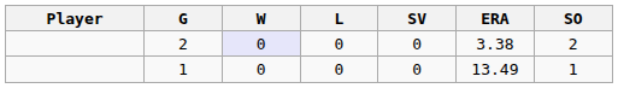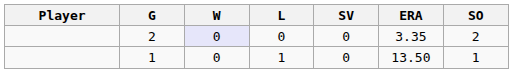 <table class="wikitable sortable">
 <tr>
 <th bgcolor="#DDDDFF" width="16%">Player</th>
 <th bgcolor="#DDDDFF" width="9%">G</th>
 <th bgcolor="#DDDDFF" width="9%">W</th>
 <th bgcolor="#DDDDFF" width="9%">L</th>
 <th bgcolor="#DDDDFF" width="9%">SV</th>
 <th bgcolor="#DDDDFF" width="9%">ERA</th>
 <th bgcolor="#DDDDFF" width="9%">SO</th>
 </tr>
 <tr align="center">
 <td></td>
 <td>2</td>
 <td style="background: lavender;">0</td>
 <td>0</td>
 <td>0</td>
-<td>3.38</td>
+<td>3.35</td>
 <td>2</td>
 </tr>
 <tr align="center">
 <td></td>
 <td>1</td>
 <td>0</td>
+<td>1</td>
 <td>0</td>
-<td>0</td>
-<td>13.49</td>
+<td>13.50</td>
 <td>1</td>
 </tr>
 </table>
